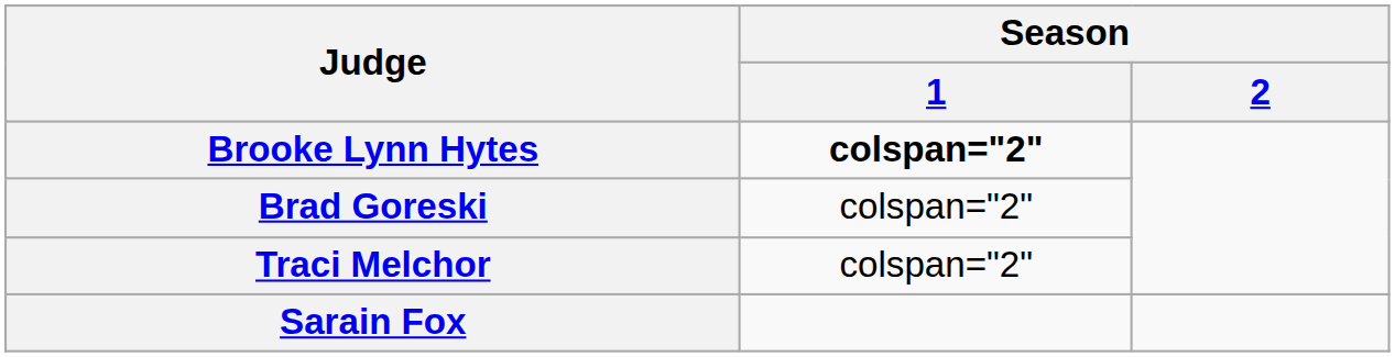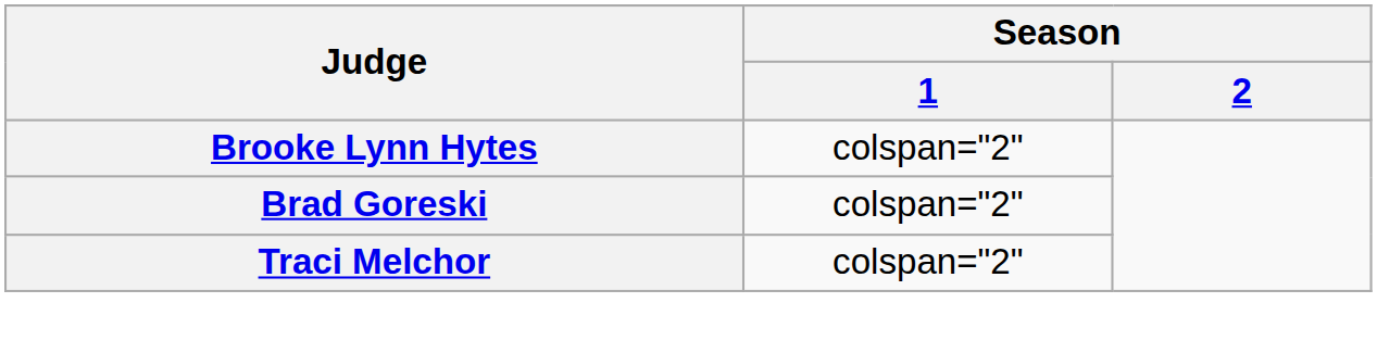 <table class="wikitable plainrowheaders" style="text-align:center">
 <tr>
 <th rowspan="2" style="width:20%;" scope="col">Judge</th>
 <th colspan="2">Season</th>
 </tr>
 <tr>
 <th style="width:7%;" scope="colspan"><a href='#'>1</a></th>
 <th style="width:7%;" scope="colspan"><a href='#'>2</a></th>
 </tr>
 <tr>
 <th scope="row" style="text-align: center;"><a href='#'>Brooke Lynn Hytes</a></th>
-<td><strong>colspan="2" </strong></td>
+<td>colspan="2" </td>
 </tr>
 <tr>
 <th scope="row" style="text-align: center;"><a href='#'>Brad Goreski</a></th>
 <td>colspan="2" </td>
 </tr>
 <tr>
 <th scope="row" style="text-align: center;"><a href='#'>Traci Melchor</a></th>
 <td>colspan="2" </td>
 </tr>
-<tr>
-<th scope="row" style="text-align: center;"><a href='#'>Sarain Fox</a></th>
-<td></td>
-<td></td>
-</tr>
 </table>
